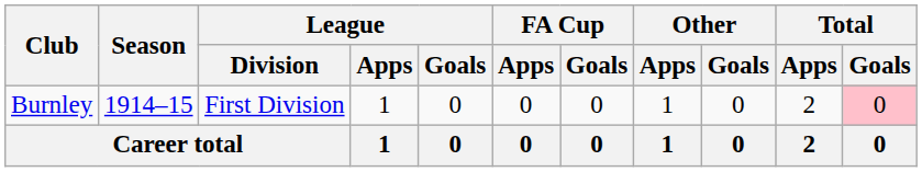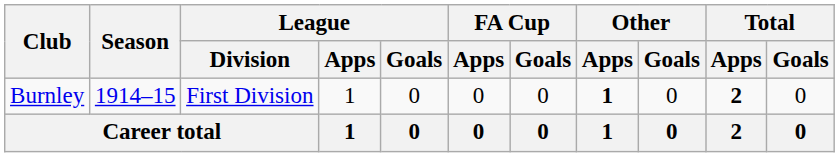 <table class="wikitable" style="text-align:center;">
 <tr>
 <th rowspan="2">Club</th>
 <th rowspan="2">Season</th>
 <th colspan="3">League</th>
 <th colspan="2">FA Cup</th>
 <th colspan="2">Other</th>
 <th colspan="2">Total</th>
 </tr>
 <tr>
 <th>Division</th>
 <th>Apps</th>
 <th>Goals</th>
 <th>Apps</th>
 <th>Goals</th>
 <th>Apps</th>
 <th>Goals</th>
 <th>Apps</th>
 <th>Goals</th>
 </tr>
 <tr>
 <td><a href='#'>Burnley</a></td>
 <td><a href='#'>1914–15</a></td>
 <td><a href='#'>First Division</a></td>
 <td>1</td>
 <td>0</td>
 <td>0</td>
 <td>0</td>
-<td>1</td>
+<td><strong>1</strong></td>
 <td>0</td>
-<td>2</td>
-<td style="background: pink;">0</td>
+<td><strong>2</strong></td>
+<td>0</td>
 </tr>
 <tr>
 <th colspan="3">Career total</th>
 <th>1</th>
 <th>0</th>
 <th>0</th>
 <th>0</th>
 <th>1</th>
 <th>0</th>
 <th>2</th>
 <th>0</th>
 </tr>
 </table>
